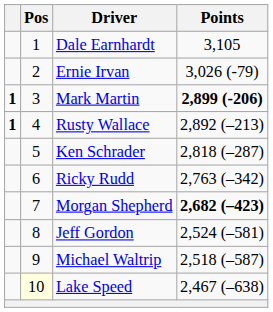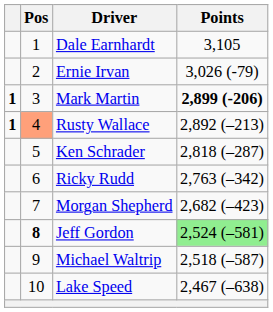 <table class="wikitable" style="font-size: 95%;">
 <tr>
 <th></th>
 <th>Pos</th>
 <th>Driver</th>
 <th>Points</th>
 </tr>
 <tr>
 <td align="left"></td>
 <td style="text-align:center;">1</td>
 <td><a href='#'>Dale Earnhardt</a></td>
 <td style="text-align:center;">3,105</td>
 </tr>
 <tr>
 <td align="left"></td>
 <td style="text-align:center;">2</td>
 <td><a href='#'>Ernie Irvan</a></td>
 <td style="text-align:center;">3,026 (-79)</td>
 </tr>
 <tr>
 <td align="left"> <strong>1</strong></td>
 <td style="text-align:center;">3</td>
 <td><a href='#'>Mark Martin</a></td>
 <td style="text-align:center;"><strong>2,899 (-206)</strong></td>
 </tr>
 <tr>
 <td align="left"> <strong>1</strong></td>
-<td style="text-align:center;">4</td>
+<td style="background: lightsalmon; text-align:center;">4</td>
 <td><a href='#'>Rusty Wallace</a></td>
 <td style="text-align:center;">2,892 (–213)</td>
 </tr>
 <tr>
 <td align="left"></td>
 <td style="text-align:center;">5</td>
 <td><a href='#'>Ken Schrader</a></td>
 <td style="text-align:center;">2,818 (–287)</td>
 </tr>
 <tr>
 <td align="left"></td>
 <td style="text-align:center;">6</td>
 <td><a href='#'>Ricky Rudd</a></td>
 <td style="text-align:center;">2,763 (–342)</td>
 </tr>
 <tr>
 <td align="left"></td>
 <td style="text-align:center;">7</td>
 <td><a href='#'>Morgan Shepherd</a></td>
-<td style="text-align:center;"><strong>2,682 (–423)</strong></td>
+<td style="text-align:center;">2,682 (–423)</td>
 </tr>
 <tr>
 <td align="left"></td>
-<td style="text-align:center;">8</td>
+<td style="text-align:center;"><strong>8</strong></td>
 <td><a href='#'>Jeff Gordon</a></td>
-<td style="text-align:center;">2,524 (–581)</td>
+<td style="background: lightgreen; text-align:center;">2,524 (–581)</td>
 </tr>
 <tr>
 <td align="left"></td>
 <td style="text-align:center;">9</td>
 <td><a href='#'>Michael Waltrip</a></td>
 <td style="text-align:center;">2,518 (–587)</td>
 </tr>
 <tr>
 <td align="left"></td>
-<td style="background: lightyellow; text-align:center;">10</td>
+<td style="text-align:center;">10</td>
 <td><a href='#'>Lake Speed</a></td>
 <td style="text-align:center;">2,467 (–638)</td>
 </tr>
 <tr class="sortbottom">
 <th colspan="9"></th>
 </tr>
 </table>
